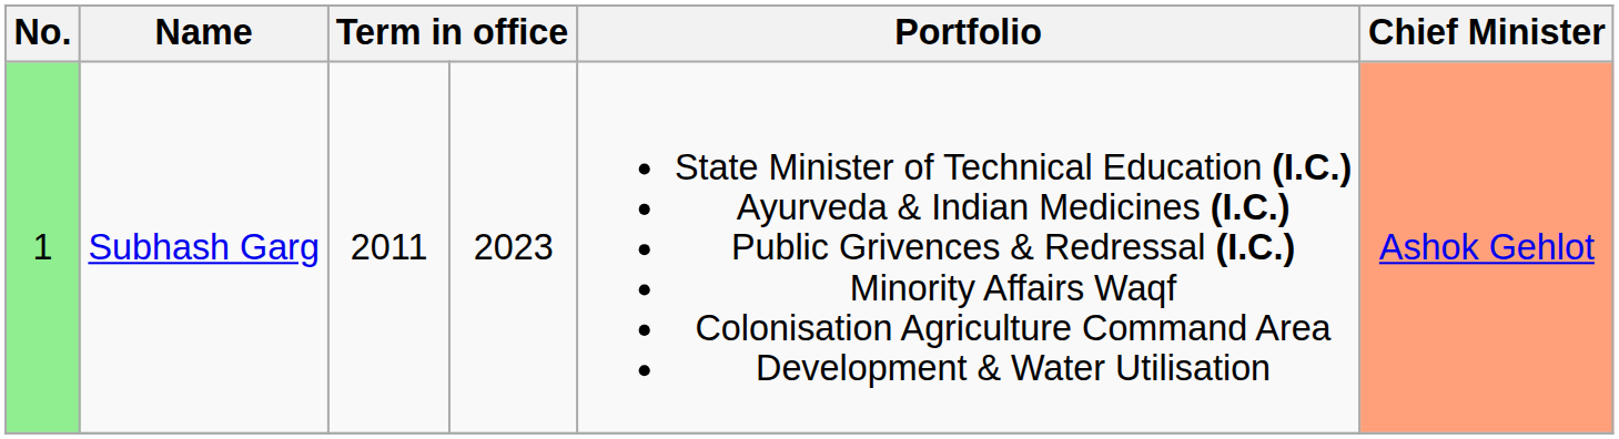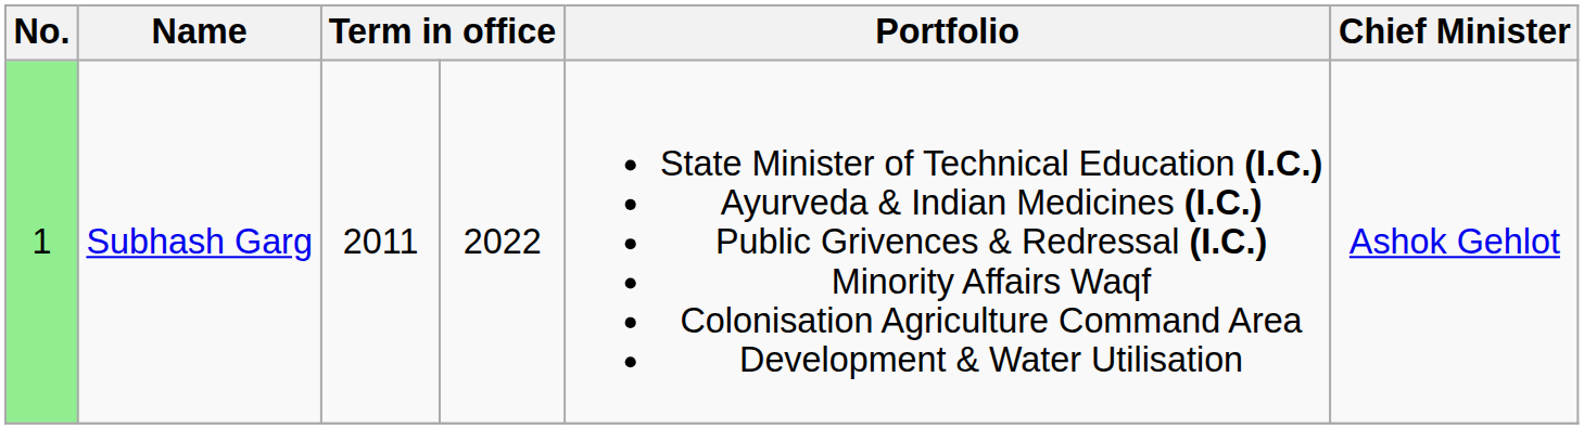 <table class="wikitable sortable" style="text-align:center;">
 <tr>
 <th Style="background-color:">No.</th>
 <th Style="background-color:">Name</th>
 <th colspan="2" Style="background-color:">Term in office</th>
 <th Style="background-color:">Portfolio</th>
 <th colspan="2" Style="background-color:">Chief Minister</th>
 </tr>
 <tr>
 <td style="background: lightgreen;">1</td>
 <td><a href='#'>Subhash Garg</a></td>
 <td>2011</td>
-<td>2023</td>
+<td>2022</td>
 <td><br><ul><li>State Minister of Technical Education <strong>(I.C.)</strong></li><li>Ayurveda & Indian Medicines <strong>(I.C.)</strong></li><li>Public Grivences & Redressal <strong>(I.C.)</strong></li><li>Minority Affairs Waqf</li><li>Colonisation Agriculture Command Area</li><li>Development & Water Utilisation</li></ul></td>
-<td style="background: lightsalmon;"><a href='#'>Ashok Gehlot</a></td>
+<td><a href='#'>Ashok Gehlot</a></td>
 </tr>
 <tr align=center>
 </tr>
 </table>
